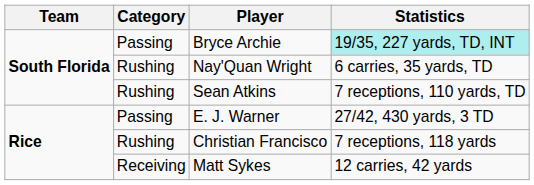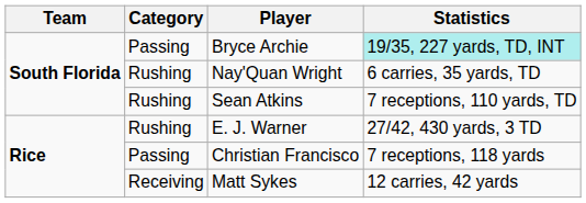 <table class="wikitable" style="float: right;">
 <tr>
 <th>Team</th>
 <th>Category</th>
 <th>Player</th>
 <th>Statistics</th>
 </tr>
 <tr>
 <td rowspan=3><strong>South Florida</strong></td>
 <td>Passing</td>
 <td>Bryce Archie</td>
 <td style="background: paleturquoise;">19/35, 227 yards, TD, INT</td>
 </tr>
 <tr>
 <td>Rushing</td>
 <td>Nay'Quan Wright</td>
 <td>6 carries, 35 yards, TD</td>
 </tr>
 <tr>
 <td>Rushing</td>
 <td>Sean Atkins</td>
 <td>7 receptions, 110 yards, TD</td>
 </tr>
 <tr>
 <td rowspan=3><strong>Rice</strong></td>
-<td>Passing</td>
+<td>Rushing</td>
 <td>E. J. Warner</td>
 <td>27/42, 430 yards, 3 TD</td>
 </tr>
 <tr>
-<td>Rushing</td>
+<td>Passing</td>
 <td>Christian Francisco</td>
 <td>7 receptions, 118 yards</td>
 </tr>
 <tr>
 <td>Receiving</td>
 <td>Matt Sykes</td>
 <td>12 carries, 42 yards</td>
 </tr>
 </table>
